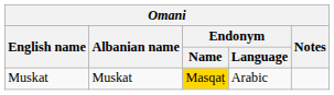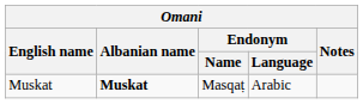 <table class="wikitable sortable">
 <tr>
 <th colspan="5"> <em>Omani</em></th>
 </tr>
 <tr>
 <th rowspan="2">English name</th>
 <th rowspan="2">Albanian name</th>
 <th colspan="2">Endonym</th>
 <th rowspan="2">Notes</th>
 </tr>
 <tr>
 <th>Name</th>
 <th>Language</th>
 </tr>
 <tr>
 <td>Muskat</td>
-<td>Muskat</td>
-<td style="background: gold;">Masqaṭ</td>
+<td><strong>Muskat</strong></td>
+<td>Masqaṭ</td>
 <td>Arabic</td>
 <td></td>
 </tr>
 </table>
